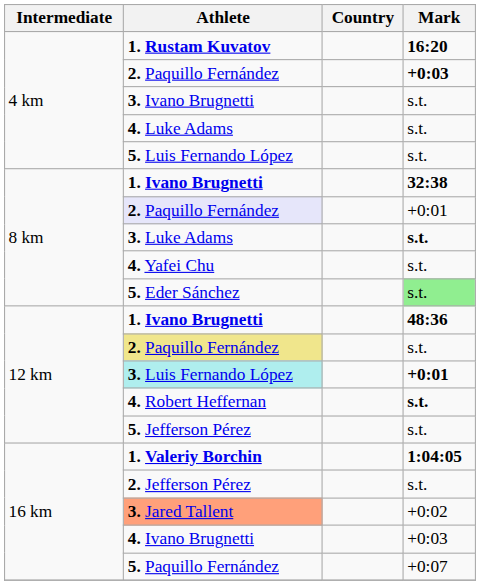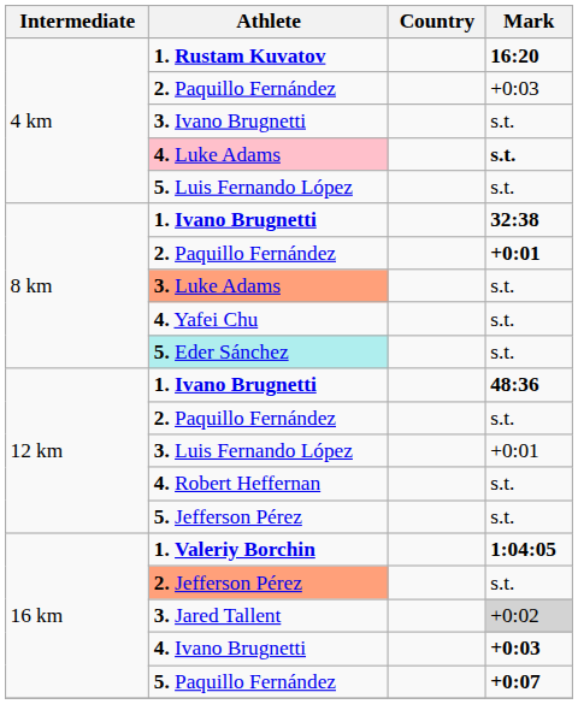 <table class="wikitable" width=70%>
 <tr>
 <th>Intermediate</th>
 <th>Athlete</th>
 <th>Country</th>
 <th>Mark</th>
 </tr>
 <tr>
 <td rowspan="5">4 km</td>
 <td><strong>1.</strong> <strong><a href='#'>Rustam Kuvatov</a></strong></td>
 <td></td>
 <td><strong>16:20</strong></td>
 </tr>
 <tr>
 <td><strong>2.</strong> <a href='#'>Paquillo Fernández</a></td>
 <td></td>
-<td><strong>+0:03</strong></td>
+<td>+0:03</td>
 </tr>
 <tr>
 <td><strong>3.</strong> <a href='#'>Ivano Brugnetti</a></td>
 <td></td>
 <td>s.t.</td>
 </tr>
 <tr>
-<td><strong>4.</strong> <a href='#'>Luke Adams</a></td>
+<td style="background: pink;"><strong>4.</strong> <a href='#'>Luke Adams</a></td>
 <td></td>
-<td>s.t.</td>
+<td><strong>s.t.</strong></td>
 </tr>
 <tr>
 <td><strong>5.</strong> <a href='#'>Luis Fernando López</a></td>
 <td></td>
 <td>s.t.</td>
 </tr>
 <tr>
 <td rowspan="5">8 km</td>
 <td><strong>1.</strong> <strong><a href='#'>Ivano Brugnetti</a></strong></td>
 <td></td>
 <td><strong>32:38</strong></td>
 </tr>
 <tr>
-<td style="background: lavender;"><strong>2.</strong> <a href='#'>Paquillo Fernández</a></td>
+<td><strong>2.</strong> <a href='#'>Paquillo Fernández</a></td>
 <td></td>
-<td>+0:01</td>
+<td><strong>+0:01</strong></td>
 </tr>
 <tr>
-<td><strong>3.</strong> <a href='#'>Luke Adams</a></td>
+<td style="background: lightsalmon;"><strong>3.</strong> <a href='#'>Luke Adams</a></td>
 <td></td>
-<td><strong>s.t.</strong></td>
+<td>s.t.</td>
 </tr>
 <tr>
 <td><strong>4.</strong> <a href='#'>Yafei Chu</a></td>
 <td></td>
 <td>s.t.</td>
 </tr>
 <tr>
-<td><strong>5.</strong> <a href='#'>Eder Sánchez</a></td>
+<td style="background: paleturquoise;"><strong>5.</strong> <a href='#'>Eder Sánchez</a></td>
 <td></td>
-<td style="background: lightgreen;">s.t.</td>
+<td>s.t.</td>
 </tr>
 <tr>
 <td rowspan="5">12 km</td>
 <td><strong>1.</strong> <strong><a href='#'>Ivano Brugnetti</a></strong></td>
 <td></td>
 <td><strong>48:36</strong></td>
 </tr>
 <tr>
-<td style="background: khaki;"><strong>2.</strong> <a href='#'>Paquillo Fernández</a></td>
+<td><strong>2.</strong> <a href='#'>Paquillo Fernández</a></td>
 <td></td>
 <td>s.t.</td>
 </tr>
 <tr>
-<td style="background: paleturquoise;"><strong>3.</strong> <a href='#'>Luis Fernando López</a></td>
+<td><strong>3.</strong> <a href='#'>Luis Fernando López</a></td>
 <td></td>
-<td><strong>+0:01</strong></td>
+<td>+0:01</td>
 </tr>
 <tr>
 <td><strong>4.</strong> <a href='#'>Robert Heffernan</a></td>
 <td></td>
-<td><strong>s.t.</strong></td>
+<td>s.t.</td>
 </tr>
 <tr>
 <td><strong>5.</strong> <a href='#'>Jefferson Pérez</a></td>
 <td></td>
 <td>s.t.</td>
 </tr>
 <tr>
 <td rowspan="5">16 km</td>
 <td><strong>1.</strong> <strong><a href='#'>Valeriy Borchin</a></strong></td>
 <td></td>
 <td><strong>1:04:05</strong></td>
 </tr>
 <tr>
-<td><strong>2.</strong> <a href='#'>Jefferson Pérez</a></td>
+<td style="background: lightsalmon;"><strong>2.</strong> <a href='#'>Jefferson Pérez</a></td>
 <td></td>
 <td>s.t.</td>
 </tr>
 <tr>
-<td style="background: lightsalmon;"><strong>3.</strong> <a href='#'>Jared Tallent</a></td>
+<td><strong>3.</strong> <a href='#'>Jared Tallent</a></td>
 <td></td>
-<td>+0:02</td>
+<td style="background: lightgrey;">+0:02</td>
 </tr>
 <tr>
 <td><strong>4.</strong> <a href='#'>Ivano Brugnetti</a></td>
 <td></td>
-<td>+0:03</td>
+<td><strong>+0:03</strong></td>
 </tr>
 <tr>
 <td><strong>5.</strong> <a href='#'>Paquillo Fernández</a></td>
 <td></td>
-<td>+0:07</td>
+<td><strong>+0:07</strong></td>
 </tr>
 <tr>
 </tr>
 </table>
